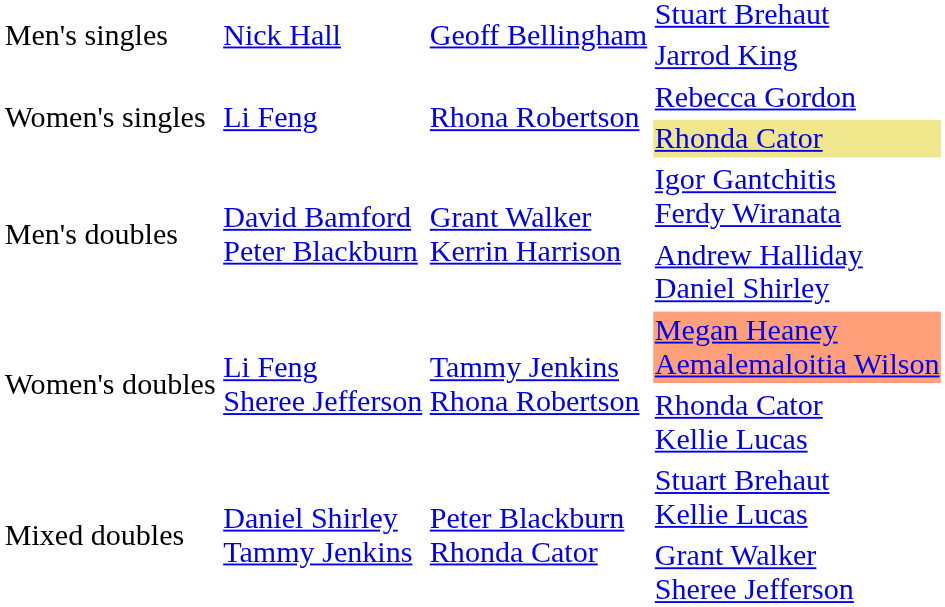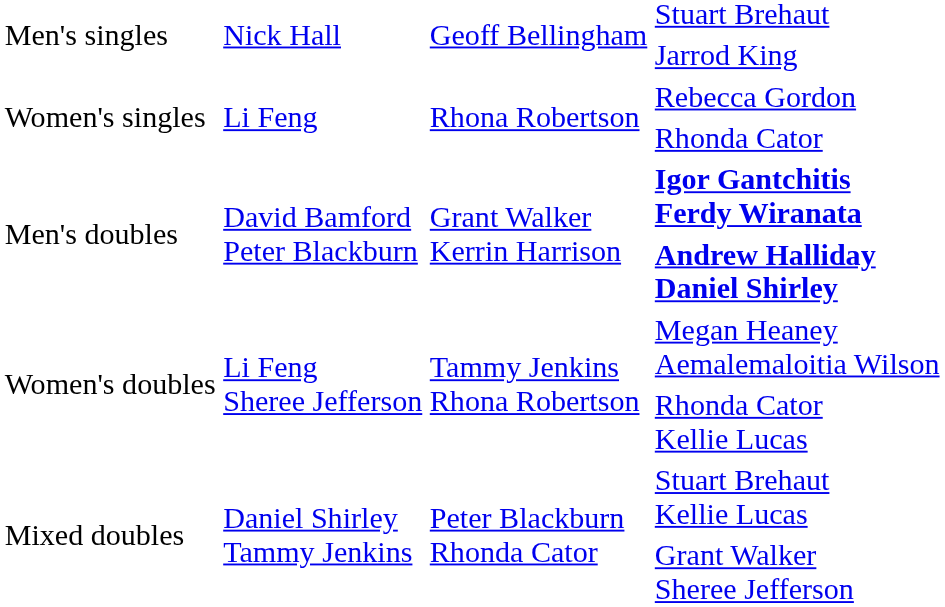 <table>
 <tr>
 <td rowspan="2">Men's singles</td>
 <td rowspan="2"> <a href='#'>Nick Hall</a></td>
 <td rowspan="2"> <a href='#'>Geoff Bellingham</a></td>
 <td> <a href='#'>Stuart Brehaut</a></td>
 </tr>
 <tr>
 <td> <a href='#'>Jarrod King</a></td>
 </tr>
 <tr>
 <td rowspan="2">Women's singles</td>
 <td rowspan="2"> <a href='#'>Li Feng</a></td>
 <td rowspan="2"> <a href='#'>Rhona Robertson</a></td>
 <td> <a href='#'>Rebecca Gordon</a></td>
 </tr>
 <tr>
-<td style="background: khaki;"> <a href='#'>Rhonda Cator</a></td>
+<td> <a href='#'>Rhonda Cator</a></td>
 </tr>
 <tr>
 <td rowspan="2">Men's doubles</td>
 <td rowspan="2"> <a href='#'>David Bamford</a><br>  <a href='#'>Peter Blackburn</a></td>
 <td rowspan="2"> <a href='#'>Grant Walker</a><br>  <a href='#'>Kerrin Harrison</a></td>
-<td> <a href='#'>Igor Gantchitis</a><br>  <a href='#'>Ferdy Wiranata</a></td>
+<td><strong> <a href='#'>Igor Gantchitis</a><br>  <a href='#'>Ferdy Wiranata</a></strong></td>
 </tr>
 <tr>
-<td> <a href='#'>Andrew Halliday</a><br>  <a href='#'>Daniel Shirley</a></td>
+<td><strong> <a href='#'>Andrew Halliday</a><br>  <a href='#'>Daniel Shirley</a></strong></td>
 </tr>
 <tr>
 <td rowspan="2">Women's doubles</td>
 <td rowspan="2"> <a href='#'>Li Feng</a><br>  <a href='#'>Sheree Jefferson</a></td>
 <td rowspan="2"> <a href='#'>Tammy Jenkins</a><br>  <a href='#'>Rhona Robertson</a></td>
-<td style="background: lightsalmon;"> <a href='#'>Megan Heaney</a><br>  <a href='#'>Aemalemaloitia Wilson</a></td>
+<td> <a href='#'>Megan Heaney</a><br>  <a href='#'>Aemalemaloitia Wilson</a></td>
 </tr>
 <tr>
 <td> <a href='#'>Rhonda Cator</a><br>  <a href='#'>Kellie Lucas</a></td>
 </tr>
 <tr>
 <td rowspan="2">Mixed doubles</td>
 <td rowspan="2"> <a href='#'>Daniel Shirley</a><br>  <a href='#'>Tammy Jenkins</a></td>
 <td rowspan="2"> <a href='#'>Peter Blackburn</a><br>  <a href='#'>Rhonda Cator</a></td>
 <td> <a href='#'>Stuart Brehaut</a><br>  <a href='#'>Kellie Lucas</a></td>
 </tr>
 <tr>
 <td> <a href='#'>Grant Walker</a><br>  <a href='#'>Sheree Jefferson</a></td>
 </tr>
 </table>
